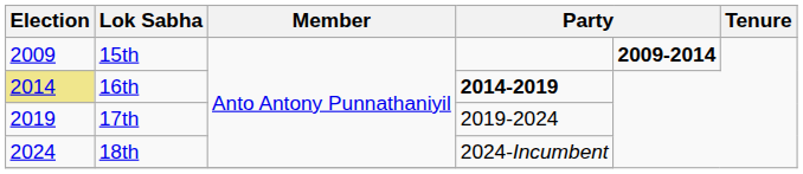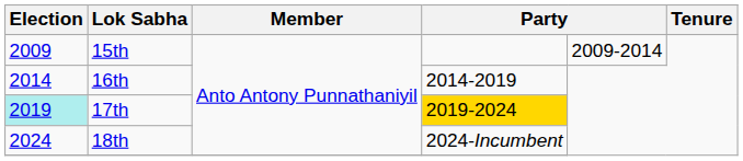 <table class="wikitable sortable">
 <tr>
 <th>Election</th>
 <th>Lok Sabha</th>
 <th>Member</th>
 <th colspan="2">Party</th>
 <th>Tenure</th>
 </tr>
 <tr>
 <td><a href='#'>2009</a></td>
 <td><a href='#'>15th</a></td>
 <td rowspan=4><a href='#'>Anto Antony Punnathaniyil</a></td>
 <td></td>
-<td><strong>2009-2014</strong></td>
+<td>2009-2014</td>
 </tr>
 <tr>
-<td style="background: khaki;"><a href='#'>2014</a></td>
+<td><a href='#'>2014</a></td>
 <td><a href='#'>16th</a></td>
-<td><strong>2014-2019</strong></td>
+<td>2014-2019</td>
 </tr>
 <tr>
-<td><a href='#'>2019</a></td>
+<td style="background: paleturquoise;"><a href='#'>2019</a></td>
 <td><a href='#'>17th</a></td>
-<td>2019-2024</td>
+<td style="background: gold;">2019-2024</td>
 </tr>
 <tr>
 <td><a href='#'>2024</a></td>
 <td><a href='#'>18th</a></td>
 <td>2024-<em>Incumbent</em></td>
 </tr>
 <tr>
 </tr>
 </table>
